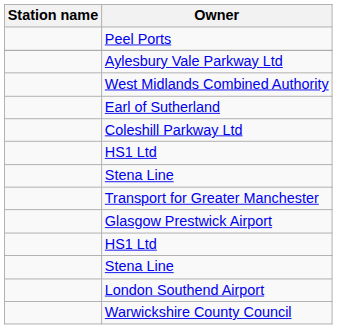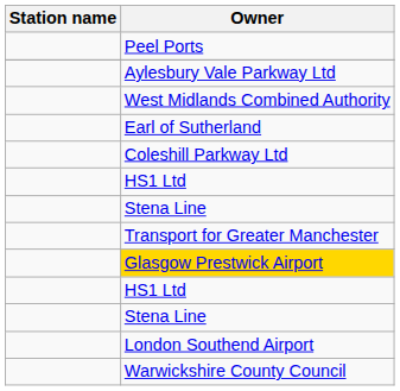 <table class="wikitable">
 <tr>
 <th>Station name</th>
 <th>Owner</th>
 </tr>
 <tr>
 <td></td>
 <td><a href='#'>Peel Ports</a></td>
 </tr>
 <tr>
 </tr>
 <tr>
 <td></td>
 <td><a href='#'>Aylesbury Vale Parkway Ltd</a></td>
 </tr>
 <tr>
 <td></td>
 <td><a href='#'>West Midlands Combined Authority</a></td>
 </tr>
 <tr>
 <td></td>
 <td><a href='#'>Earl of Sutherland</a></td>
 </tr>
 <tr>
 <td></td>
 <td><a href='#'>Coleshill Parkway Ltd</a></td>
 </tr>
 <tr>
 <td></td>
 <td><a href='#'>HS1 Ltd</a></td>
 </tr>
 <tr>
 <td></td>
 <td><a href='#'>Stena Line</a></td>
 </tr>
 <tr>
 <td></td>
 <td><a href='#'>Transport for Greater Manchester</a></td>
 </tr>
 <tr>
 <td></td>
-<td><a href='#'>Glasgow Prestwick Airport</a></td>
+<td style="background: gold;"><a href='#'>Glasgow Prestwick Airport</a></td>
 </tr>
 <tr>
 <td></td>
 <td><a href='#'>HS1 Ltd</a></td>
 </tr>
 <tr>
 <td></td>
 <td><a href='#'>Stena Line</a></td>
 </tr>
 <tr>
 <td></td>
 <td><a href='#'>London Southend Airport</a></td>
 </tr>
 <tr>
 <td></td>
 <td><a href='#'>Warwickshire County Council</a></td>
 </tr>
 </table>
